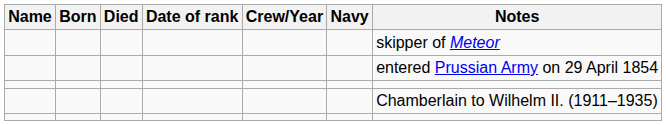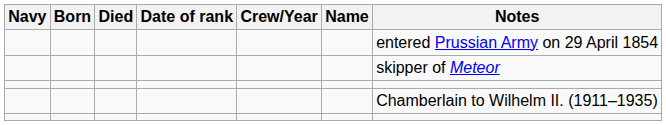 <table class="wikitable sortable">
 <tr>
-<th>Name</th>
+<th>Navy</th>
 <th>Born</th>
 <th>Died</th>
 <th>Date of rank</th>
 <th>Crew/Year</th>
-<th>Navy</th>
+<th>Name</th>
 <th>Notes</th>
 </tr>
 <tr>
 <td></td>
 <td></td>
 <td></td>
 <td></td>
 <td></td>
 <td></td>
-<td>skipper of <em><a href='#'>Meteor</a></em></td>
+<td>entered <a href='#'>Prussian Army</a> on 29 April 1854</td>
 </tr>
 <tr>
 <td></td>
 <td></td>
 <td></td>
 <td></td>
 <td></td>
 <td></td>
-<td>entered <a href='#'>Prussian Army</a> on 29 April 1854</td>
+<td>skipper of <em><a href='#'>Meteor</a></em></td>
 </tr>
 <tr>
 <td></td>
 <td></td>
 <td></td>
 <td></td>
 <td></td>
 <td></td>
 <td></td>
 </tr>
 <tr>
 <td></td>
 <td></td>
 <td></td>
 <td></td>
 <td></td>
 <td></td>
 <td>Chamberlain to Wilhelm II. (1911–1935)</td>
 </tr>
 <tr>
 <td></td>
 <td></td>
 <td></td>
 <td></td>
 <td></td>
 <td></td>
 <td></td>
 </tr>
 </table>
